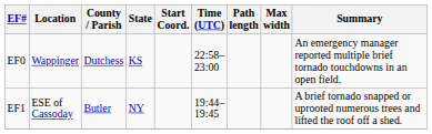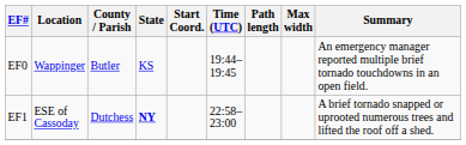 <table class="wikitable sortable" style="width:100%;">
 <tr>
 <th scope="col"  style="width:3%; text-align:center;"><a href='#'>EF#</a></th>
 <th scope="col"  style="width:7%; text-align:center;" class="unsortable">Location</th>
 <th scope="col"  style="width:6%; text-align:center;" class="unsortable">County / Parish</th>
 <th scope="col"  style="width:5%; text-align:center;">State</th>
 <th scope="col"  style="width:6%; text-align:center;">Start Coord.</th>
 <th scope="col"  style="width:6%; text-align:center;">Time (<a href='#'>UTC</a>)</th>
 <th scope="col"  style="width:6%; text-align:center;">Path length</th>
 <th scope="col"  style="width:6%; text-align:center;">Max width</th>
 <th scope="col" class="unsortable" style="width:48%; text-align:center;">Summary</th>
 </tr>
 <tr>
 <td>EF0</td>
 <td><a href='#'>Wappinger</a></td>
-<td><a href='#'>Dutchess</a></td>
+<td><a href='#'>Butler</a></td>
 <td><a href='#'>KS</a></td>
 <td></td>
-<td>22:58–23:00</td>
+<td>19:44–19:45</td>
 <td></td>
 <td></td>
 <td>An emergency manager reported multiple brief tornado touchdowns in an open field.</td>
 </tr>
 <tr>
 <td>EF1</td>
 <td>ESE of <a href='#'>Cassoday</a></td>
-<td><a href='#'>Butler</a></td>
-<td><a href='#'>NY</a></td>
+<td><a href='#'>Dutchess</a></td>
+<td><strong><a href='#'>NY</a></strong></td>
 <td></td>
-<td>19:44–19:45</td>
+<td>22:58–23:00</td>
 <td></td>
 <td></td>
 <td>A brief tornado snapped or uprooted numerous trees and lifted the roof off a shed.</td>
 </tr>
 <tr>
 </tr>
 </table>
